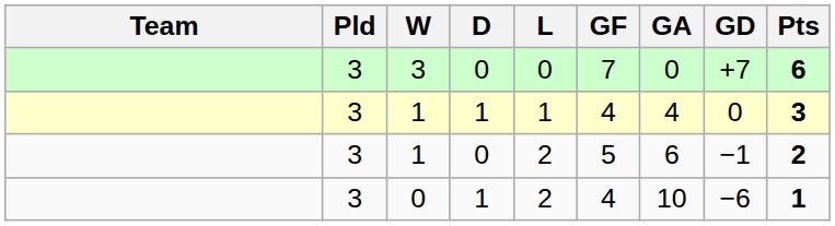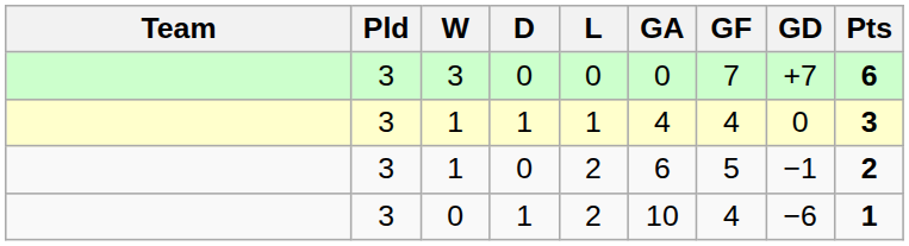 <table class="wikitable" style="text-align:center">
 <tr>
 <th width="180">Team</th>
 <th width="30">Pld</th>
 <th width="30">W</th>
 <th width="30">D</th>
 <th width="30">L</th>
+<th width="30">GA</th>
 <th width="30">GF</th>
-<th width="30">GA</th>
 <th width="30">GD</th>
 <th width="30">Pts</th>
 </tr>
 <tr style=background:#ccffcc>
 <td style="text-align:left;"></td>
 <td>3</td>
 <td>3</td>
 <td>0</td>
 <td>0</td>
+<td>0</td>
 <td>7</td>
-<td>0</td>
 <td>+7</td>
 <td><strong>6</strong></td>
 </tr>
 <tr style=background:#ffffcc>
 <td style="text-align:left;"></td>
 <td>3</td>
 <td>1</td>
 <td>1</td>
 <td>1</td>
 <td>4</td>
 <td>4</td>
 <td>0</td>
 <td><strong>3</strong></td>
 </tr>
 <tr>
 <td style="text-align:left;"></td>
 <td>3</td>
 <td>1</td>
 <td>0</td>
 <td>2</td>
+<td>6</td>
 <td>5</td>
-<td>6</td>
 <td>−1</td>
 <td><strong>2</strong></td>
 </tr>
 <tr>
 <td style="text-align:left;"></td>
 <td>3</td>
 <td>0</td>
 <td>1</td>
 <td>2</td>
+<td>10</td>
 <td>4</td>
-<td>10</td>
 <td>−6</td>
 <td><strong>1</strong></td>
 </tr>
 </table>
